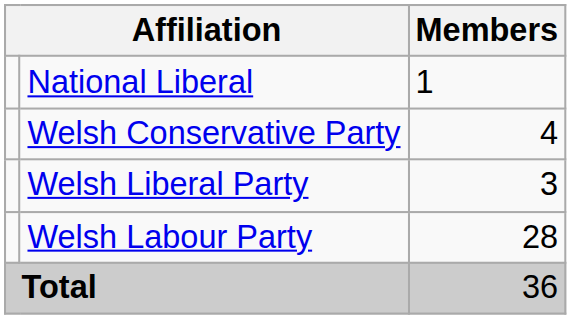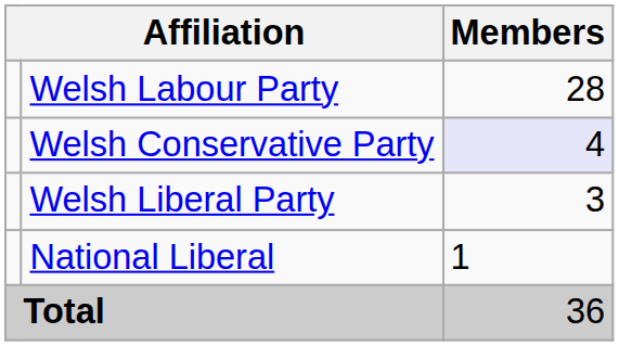 <table class="wikitable">
 <tr>
 <th colspan="2">Affiliation</th>
 <th>Members</th>
 </tr>
 <tr>
-<td style="color:inherit;background-color: "></td>
-<td><a href='#'>National Liberal</a></td>
-<td>1</td>
+<td style="color:inherit;background:"></td>
+<td><a href='#'>Welsh Labour Party</a></td>
+<td style="text-align:right;">28</td>
 </tr>
 <tr>
 <td style="color:inherit;background:"></td>
 <td><a href='#'>Welsh Conservative Party</a></td>
-<td style="text-align:right;">4</td>
+<td style="background: lavender; text-align:right;">4</td>
 </tr>
 <tr>
 <td style="color:inherit;background:"></td>
 <td><a href='#'>Welsh Liberal Party</a></td>
 <td style="text-align:right;">3</td>
 </tr>
 <tr>
-<td style="color:inherit;background:"></td>
-<td><a href='#'>Welsh Labour Party</a></td>
-<td style="text-align:right;">28</td>
+<td style="color:inherit;background-color: "></td>
+<td><a href='#'>National Liberal</a></td>
+<td>1</td>
 </tr>
 <tr style="background:#ccc;">
 <td colspan="2"> <strong>Total</strong></td>
 <td style="text-align:right;">36</td>
 </tr>
 </table>
